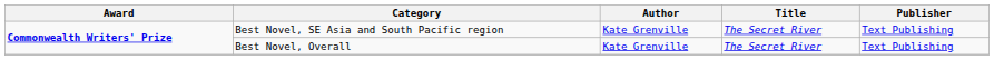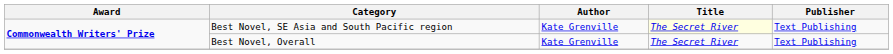 <table class="wikitable" width=100%>
 <tr>
 <th>Award</th>
 <th>Category</th>
 <th>Author</th>
 <th>Title</th>
 <th>Publisher</th>
 </tr>
 <tr>
 <td rowspan=2><strong><a href='#'>Commonwealth Writers' Prize</a></strong></td>
 <td>Best Novel, SE Asia and South Pacific region</td>
 <td><a href='#'>Kate Grenville</a></td>
-<td><em><a href='#'>The Secret River</a></em></td>
+<td style="background: lightyellow;"><em><a href='#'>The Secret River</a></em></td>
 <td><a href='#'>Text Publishing</a></td>
 </tr>
 <tr>
 <td>Best Novel, Overall</td>
 <td><a href='#'>Kate Grenville</a></td>
 <td><em><a href='#'>The Secret River</a></em></td>
 <td><a href='#'>Text Publishing</a></td>
 </tr>
 <tr>
 </tr>
 </table>
